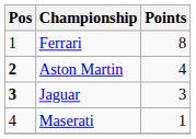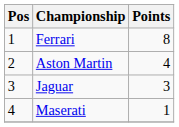 <table class="wikitable" style="font-size: 95%;">
 <tr>
 <th>Pos</th>
 <th>Championship</th>
 <th>Points</th>
 </tr>
 <tr>
 <td>1</td>
 <td> <a href='#'>Ferrari</a></td>
 <td align="right">8</td>
 </tr>
 <tr>
-<td><strong>2</strong></td>
+<td>2</td>
 <td> <a href='#'>Aston Martin</a></td>
 <td align="right">4</td>
 </tr>
 <tr>
-<td><strong>3</strong></td>
+<td>3</td>
 <td> <a href='#'>Jaguar</a></td>
 <td align="right">3</td>
 </tr>
 <tr>
 <td>4</td>
 <td> <a href='#'>Maserati</a></td>
 <td align="right">1</td>
 </tr>
 <tr>
 </tr>
 </table>
